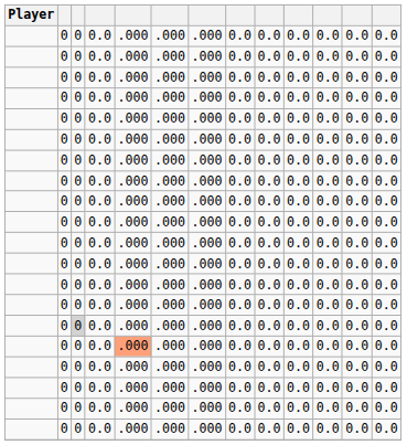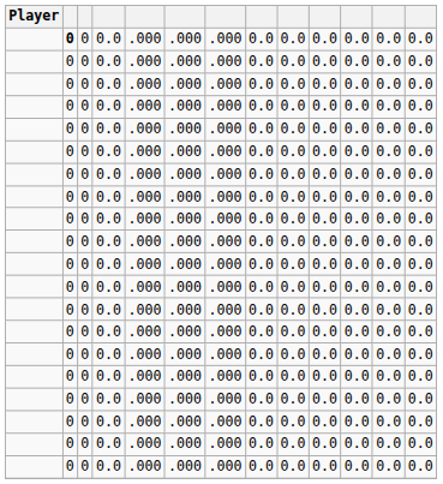 <table class="wikitable sortable" style="font-size:95%; text-align:right">
 <tr>
 <th>Player</th>
 <th></th>
 <th></th>
 <th></th>
 <th></th>
 <th></th>
 <th></th>
 <th></th>
 <th></th>
 <th></th>
 <th></th>
 <th></th>
 <th></th>
+</tr>
+<tr>
+<td><strong></strong></td>
+<td><strong>0</strong></td>
+<td>0</td>
+<td>0.0</td>
+<td>.000</td>
+<td>.000</td>
+<td>.000</td>
+<td>0.0</td>
+<td>0.0</td>
+<td>0.0</td>
+<td>0.0</td>
+<td>0.0</td>
+<td>0.0</td>
 </tr>
 <tr>
 <td><strong></strong></td>
 <td>0</td>
 <td>0</td>
 <td>0.0</td>
 <td>.000</td>
 <td>.000</td>
 <td>.000</td>
 <td>0.0</td>
 <td>0.0</td>
 <td>0.0</td>
 <td>0.0</td>
 <td>0.0</td>
 <td>0.0</td>
 </tr>
 <tr>
 <td><strong></strong></td>
 <td>0</td>
 <td>0</td>
 <td>0.0</td>
 <td>.000</td>
 <td>.000</td>
 <td>.000</td>
 <td>0.0</td>
 <td>0.0</td>
 <td>0.0</td>
 <td>0.0</td>
 <td>0.0</td>
 <td>0.0</td>
 </tr>
 <tr>
 <td><strong></strong></td>
 <td>0</td>
 <td>0</td>
 <td>0.0</td>
 <td>.000</td>
 <td>.000</td>
 <td>.000</td>
 <td>0.0</td>
 <td>0.0</td>
 <td>0.0</td>
 <td>0.0</td>
 <td>0.0</td>
 <td>0.0</td>
 </tr>
 <tr>
 <td><strong></strong></td>
 <td>0</td>
 <td>0</td>
 <td>0.0</td>
 <td>.000</td>
 <td>.000</td>
 <td>.000</td>
 <td>0.0</td>
 <td>0.0</td>
 <td>0.0</td>
 <td>0.0</td>
 <td>0.0</td>
 <td>0.0</td>
 </tr>
 <tr>
 <td><strong></strong></td>
 <td>0</td>
 <td>0</td>
 <td>0.0</td>
 <td>.000</td>
 <td>.000</td>
 <td>.000</td>
 <td>0.0</td>
 <td>0.0</td>
 <td>0.0</td>
 <td>0.0</td>
 <td>0.0</td>
 <td>0.0</td>
 </tr>
 <tr>
 <td><strong></strong></td>
 <td>0</td>
 <td>0</td>
 <td>0.0</td>
 <td>.000</td>
 <td>.000</td>
 <td>.000</td>
 <td>0.0</td>
 <td>0.0</td>
 <td>0.0</td>
 <td>0.0</td>
 <td>0.0</td>
 <td>0.0</td>
 </tr>
 <tr>
 <td><strong></strong></td>
 <td>0</td>
 <td>0</td>
 <td>0.0</td>
 <td>.000</td>
 <td>.000</td>
 <td>.000</td>
 <td>0.0</td>
 <td>0.0</td>
 <td>0.0</td>
 <td>0.0</td>
 <td>0.0</td>
 <td>0.0</td>
 </tr>
 <tr>
 <td><strong></strong></td>
 <td>0</td>
 <td>0</td>
 <td>0.0</td>
 <td>.000</td>
 <td>.000</td>
 <td>.000</td>
 <td>0.0</td>
 <td>0.0</td>
 <td>0.0</td>
 <td>0.0</td>
 <td>0.0</td>
 <td>0.0</td>
 </tr>
 <tr>
 <td><strong></strong></td>
 <td>0</td>
 <td>0</td>
 <td>0.0</td>
 <td>.000</td>
 <td>.000</td>
 <td>.000</td>
 <td>0.0</td>
 <td>0.0</td>
 <td>0.0</td>
 <td>0.0</td>
 <td>0.0</td>
 <td>0.0</td>
 </tr>
 <tr>
 <td><strong></strong></td>
 <td>0</td>
 <td>0</td>
 <td>0.0</td>
 <td>.000</td>
 <td>.000</td>
 <td>.000</td>
 <td>0.0</td>
 <td>0.0</td>
 <td>0.0</td>
 <td>0.0</td>
 <td>0.0</td>
 <td>0.0</td>
 </tr>
 <tr>
 <td><strong></strong></td>
 <td>0</td>
 <td>0</td>
 <td>0.0</td>
 <td>.000</td>
 <td>.000</td>
 <td>.000</td>
 <td>0.0</td>
 <td>0.0</td>
 <td>0.0</td>
 <td>0.0</td>
 <td>0.0</td>
 <td>0.0</td>
 </tr>
 <tr>
 <td><strong></strong></td>
 <td>0</td>
 <td>0</td>
 <td>0.0</td>
 <td>.000</td>
 <td>.000</td>
 <td>.000</td>
 <td>0.0</td>
 <td>0.0</td>
 <td>0.0</td>
 <td>0.0</td>
 <td>0.0</td>
 <td>0.0</td>
 </tr>
 <tr>
 <td><strong></strong></td>
 <td>0</td>
 <td>0</td>
 <td>0.0</td>
 <td>.000</td>
 <td>.000</td>
 <td>.000</td>
 <td>0.0</td>
 <td>0.0</td>
 <td>0.0</td>
 <td>0.0</td>
 <td>0.0</td>
 <td>0.0</td>
 </tr>
 <tr>
 <td><strong></strong></td>
 <td>0</td>
 <td>0</td>
 <td>0.0</td>
 <td>.000</td>
 <td>.000</td>
 <td>.000</td>
 <td>0.0</td>
 <td>0.0</td>
 <td>0.0</td>
 <td>0.0</td>
 <td>0.0</td>
 <td>0.0</td>
 </tr>
 <tr>
 <td><strong></strong></td>
 <td>0</td>
-<td style="background: lightgrey;">0</td>
+<td>0</td>
 <td>0.0</td>
 <td>.000</td>
-<td>.000</td>
-<td>.000</td>
-<td>0.0</td>
-<td>0.0</td>
-<td>0.0</td>
-<td>0.0</td>
-<td>0.0</td>
-<td>0.0</td>
-</tr>
-<tr>
-<td><strong></strong></td>
-<td>0</td>
-<td>0</td>
-<td>0.0</td>
-<td style="background: lightsalmon;">.000</td>
 <td>.000</td>
 <td>.000</td>
 <td>0.0</td>
 <td>0.0</td>
 <td>0.0</td>
 <td>0.0</td>
 <td>0.0</td>
 <td>0.0</td>
 </tr>
 <tr>
 <td><strong></strong></td>
 <td>0</td>
 <td>0</td>
 <td>0.0</td>
 <td>.000</td>
 <td>.000</td>
 <td>.000</td>
 <td>0.0</td>
 <td>0.0</td>
 <td>0.0</td>
 <td>0.0</td>
 <td>0.0</td>
 <td>0.0</td>
 </tr>
 <tr>
 <td><strong></strong></td>
 <td>0</td>
 <td>0</td>
 <td>0.0</td>
 <td>.000</td>
 <td>.000</td>
 <td>.000</td>
 <td>0.0</td>
 <td>0.0</td>
 <td>0.0</td>
 <td>0.0</td>
 <td>0.0</td>
 <td>0.0</td>
 </tr>
 <tr>
 <td><strong></strong></td>
 <td>0</td>
 <td>0</td>
 <td>0.0</td>
 <td>.000</td>
 <td>.000</td>
 <td>.000</td>
 <td>0.0</td>
 <td>0.0</td>
 <td>0.0</td>
 <td>0.0</td>
 <td>0.0</td>
 <td>0.0</td>
 </tr>
 <tr>
 <td><strong></strong></td>
 <td>0</td>
 <td>0</td>
 <td>0.0</td>
 <td>.000</td>
 <td>.000</td>
 <td>.000</td>
 <td>0.0</td>
 <td>0.0</td>
 <td>0.0</td>
 <td>0.0</td>
 <td>0.0</td>
 <td>0.0</td>
 </tr>
 <tr>
 </tr>
 </table>
